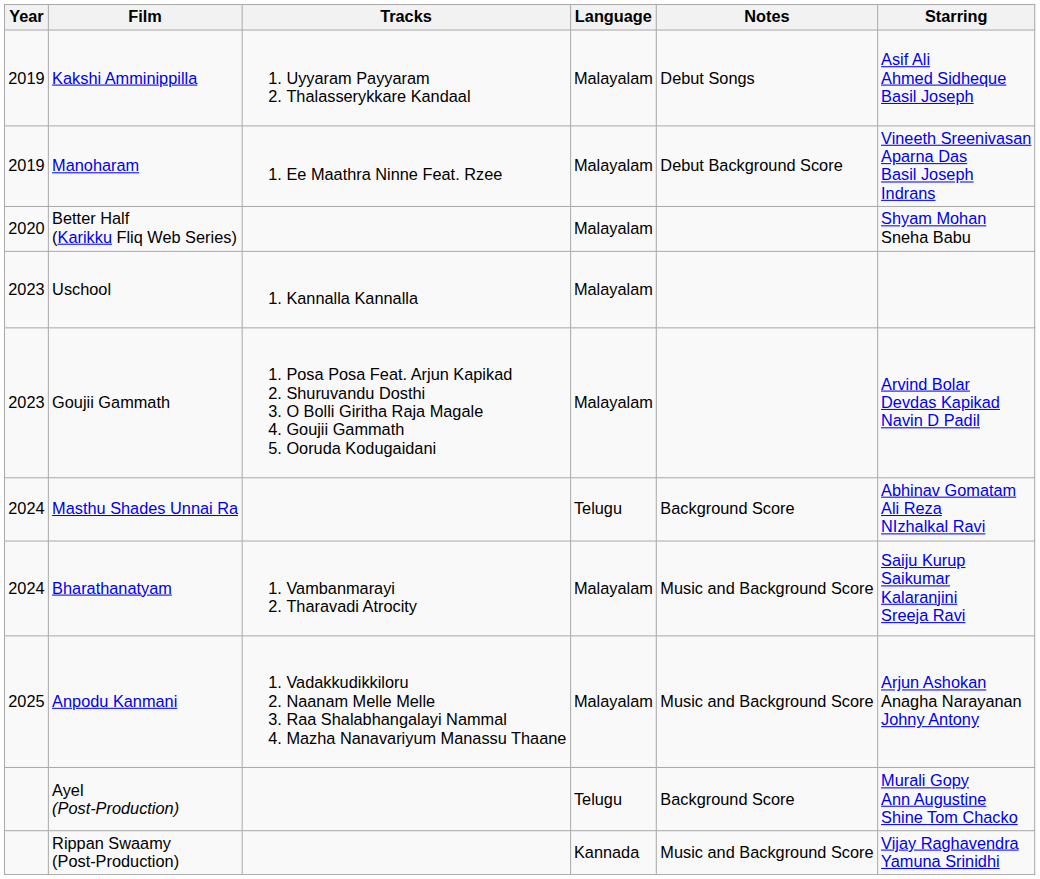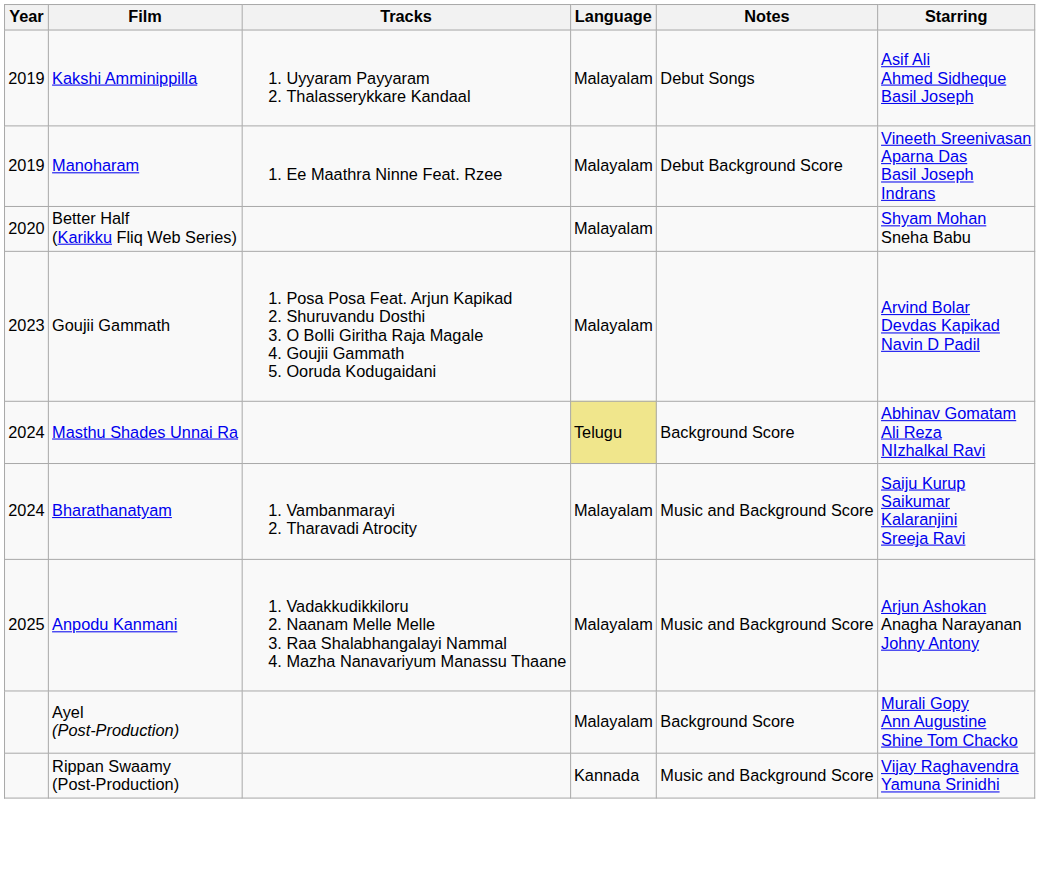 <table class="wikitable sortable">
 <tr>
 <th>Year</th>
 <th>Film</th>
 <th>Tracks</th>
 <th>Language</th>
 <th>Notes</th>
 <th>Starring</th>
 </tr>
 <tr>
 <td>2019</td>
 <td><a href='#'>Kakshi Amminippilla</a></td>
 <td><br><ol><li>Uyyaram Payyaram</li><li>Thalasserykkare Kandaal</li></ol></td>
 <td>Malayalam</td>
 <td>Debut Songs</td>
 <td><a href='#'>Asif Ali</a><br><a href='#'>Ahmed Sidheque</a><br><a href='#'>Basil Joseph</a></td>
 </tr>
 <tr>
 <td>2019</td>
 <td><a href='#'>Manoharam</a></td>
 <td><br><ol><li>Ee Maathra Ninne Feat. Rzee</li></ol></td>
 <td>Malayalam</td>
 <td>Debut Background Score</td>
 <td><a href='#'>Vineeth Sreenivasan</a><br><a href='#'>Aparna Das</a><br><a href='#'>Basil Joseph</a><br><a href='#'>Indrans</a></td>
 </tr>
 <tr>
 <td>2020</td>
 <td>Better Half<br>(<a href='#'>Karikku</a> Fliq Web Series)</td>
 <td></td>
 <td>Malayalam</td>
 <td></td>
 <td><a href='#'>Shyam Mohan</a><br>Sneha Babu</td>
 </tr>
 <tr>
 <td>2023</td>
-<td>Uschool</td>
-<td><br><ol><li>Kannalla Kannalla</li></ol></td>
-<td>Malayalam</td>
-<td></td>
-<td></td>
-</tr>
-<tr>
-<td>2023</td>
 <td>Goujii Gammath</td>
 <td><br><ol><li>Posa Posa Feat. Arjun Kapikad</li><li>Shuruvandu Dosthi</li><li>O Bolli Giritha Raja Magale</li><li>Goujii Gammath</li><li>Ooruda Kodugaidani</li></ol></td>
 <td>Malayalam</td>
 <td></td>
 <td><a href='#'>Arvind Bolar</a><br><a href='#'>Devdas Kapikad</a><br><a href='#'>Navin D Padil</a></td>
 </tr>
 <tr>
 <td>2024</td>
 <td><a href='#'>Masthu Shades Unnai Ra</a></td>
 <td></td>
-<td>Telugu</td>
+<td style="background: khaki;">Telugu</td>
 <td>Background Score</td>
 <td><a href='#'>Abhinav Gomatam</a><br><a href='#'>Ali Reza</a><br><a href='#'>NIzhalkal Ravi</a></td>
 </tr>
 <tr>
 <td>2024</td>
 <td><a href='#'>Bharathanatyam</a></td>
 <td><br><ol><li>Vambanmarayi</li><li>Tharavadi Atrocity</li></ol></td>
 <td>Malayalam</td>
 <td>Music and Background Score</td>
 <td><a href='#'>Saiju Kurup</a><br><a href='#'>Saikumar</a><br><a href='#'>Kalaranjini</a><br><a href='#'>Sreeja Ravi</a></td>
 </tr>
 <tr>
 <td>2025</td>
 <td><a href='#'>Anpodu Kanmani</a></td>
 <td><br><ol><li>Vadakkudikkiloru</li><li>Naanam Melle Melle</li><li>Raa Shalabhangalayi Nammal</li><li>Mazha Nanavariyum Manassu Thaane</li></ol></td>
 <td>Malayalam</td>
 <td>Music and Background Score</td>
 <td><a href='#'>Arjun Ashokan</a><br>Anagha Narayanan<br><a href='#'>Johny Antony</a></td>
 </tr>
 <tr>
 <td></td>
 <td>Ayel<br><em>(Post-Production)</em></td>
 <td></td>
-<td>Telugu</td>
+<td>Malayalam</td>
 <td>Background Score</td>
 <td><a href='#'>Murali Gopy</a><br><a href='#'>Ann Augustine</a><br><a href='#'>Shine Tom Chacko</a></td>
 </tr>
 <tr>
 <td></td>
 <td>Rippan Swaamy<br>(Post-Production)</td>
 <td></td>
 <td>Kannada</td>
 <td>Music and Background Score</td>
 <td><a href='#'>Vijay Raghavendra</a><br><a href='#'>Yamuna Srinidhi</a></td>
 </tr>
 </table>
